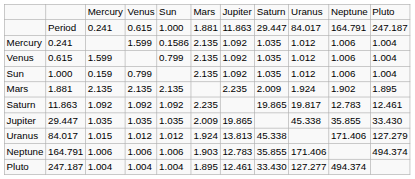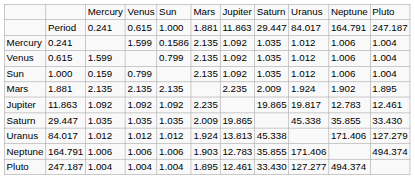 <table class="wikitable">
 <tr>
 <td></td>
 <td></td>
 <td>Mercury</td>
 <td>Venus</td>
 <td>Sun</td>
 <td>Mars</td>
 <td>Jupiter</td>
 <td>Saturn</td>
 <td>Uranus</td>
 <td>Neptune</td>
 <td>Pluto</td>
 </tr>
 <tr>
 <td></td>
 <td>Period</td>
 <td>0.241</td>
 <td>0.615</td>
 <td>1.000</td>
 <td>1.881</td>
 <td>11.863</td>
 <td>29.447</td>
 <td>84.017</td>
 <td>164.791</td>
 <td>247.187</td>
 </tr>
 <tr>
 <td>Mercury</td>
 <td>0.241</td>
 <td></td>
 <td>1.599</td>
 <td>0.1586</td>
 <td>2.135</td>
 <td>1.092</td>
 <td>1.035</td>
 <td>1.012</td>
 <td>1.006</td>
 <td>1.004</td>
 </tr>
 <tr>
 <td>Venus</td>
 <td>0.615</td>
 <td>1.599</td>
 <td></td>
 <td>0.799</td>
 <td>2.135</td>
 <td>1.092</td>
 <td>1.035</td>
 <td>1.012</td>
 <td>1.006</td>
 <td>1.004</td>
 </tr>
 <tr>
 <td>Sun</td>
 <td>1.000</td>
 <td>0.159</td>
 <td>0.799</td>
 <td></td>
 <td>2.135</td>
 <td>1.092</td>
 <td>1.035</td>
 <td>1.012</td>
 <td>1.006</td>
 <td>1.004</td>
 </tr>
 <tr>
 <td>Mars</td>
 <td>1.881</td>
 <td>2.135</td>
 <td>2.135</td>
 <td>2.135</td>
 <td></td>
 <td>2.235</td>
 <td>2.009</td>
 <td>1.924</td>
 <td>1.902</td>
 <td>1.895</td>
 </tr>
 <tr>
-<td>Saturn</td>
+<td>Jupiter</td>
 <td>11.863</td>
 <td>1.092</td>
 <td>1.092</td>
 <td>1.092</td>
 <td>2.235</td>
 <td></td>
 <td>19.865</td>
 <td>19.817</td>
 <td>12.783</td>
 <td>12.461</td>
 </tr>
 <tr>
-<td>Jupiter</td>
+<td>Saturn</td>
 <td>29.447</td>
 <td>1.035</td>
 <td>1.035</td>
 <td>1.035</td>
 <td>2.009</td>
 <td>19.865</td>
 <td></td>
 <td>45.338</td>
 <td>35.855</td>
 <td>33.430</td>
 </tr>
 <tr>
 <td>Uranus</td>
 <td>84.017</td>
-<td>1.015</td>
+<td>1.012</td>
 <td>1.012</td>
 <td>1.012</td>
 <td>1.924</td>
 <td>13.813</td>
 <td>45.338</td>
 <td></td>
 <td>171.406</td>
 <td>127.279</td>
 </tr>
 <tr>
 <td>Neptune</td>
 <td>164.791</td>
 <td>1.006</td>
 <td>1.006</td>
 <td>1.006</td>
 <td>1.903</td>
 <td>12.783</td>
 <td>35.855</td>
 <td>171.406</td>
 <td></td>
 <td>494.374</td>
 </tr>
 <tr>
 <td>Pluto</td>
 <td>247.187</td>
 <td>1.004</td>
 <td>1.004</td>
 <td>1.004</td>
 <td>1.895</td>
 <td>12.461</td>
 <td>33.430</td>
 <td>127.277</td>
 <td>494.374</td>
 <td></td>
 </tr>
 </table>
